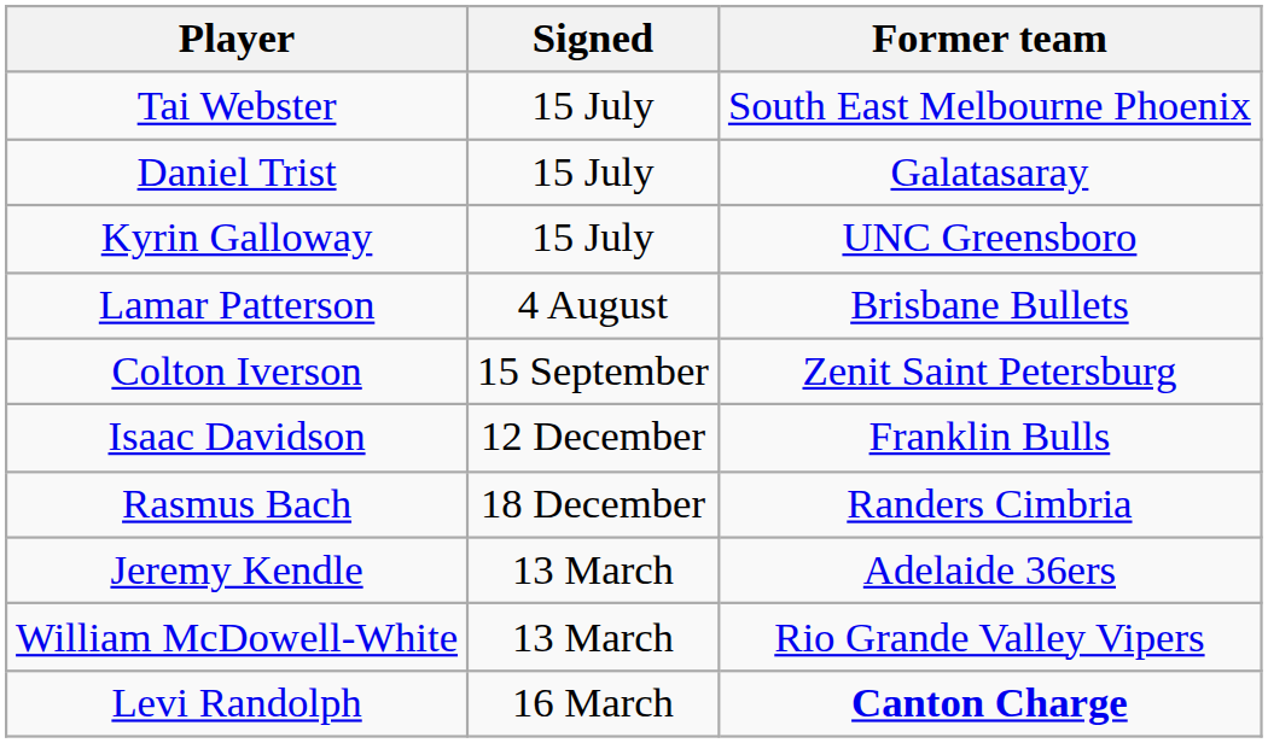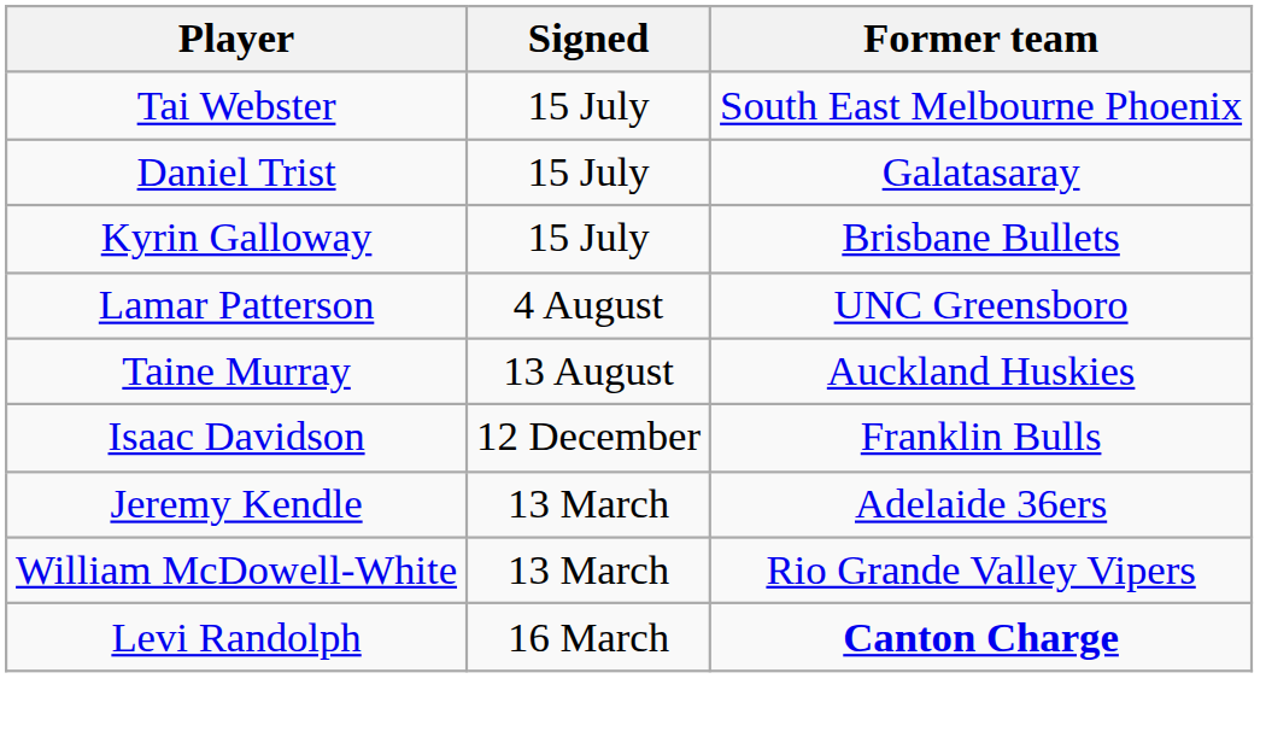 <table class="wikitable sortable sortable" style="text-align: center">
 <tr>
 <th>Player</th>
 <th>Signed</th>
 <th>Former team</th>
 </tr>
 <tr>
 <td><a href='#'>Tai Webster</a></td>
 <td>15 July</td>
 <td><a href='#'>South East Melbourne Phoenix</a></td>
 </tr>
 <tr>
 <td><a href='#'>Daniel Trist</a></td>
 <td>15 July</td>
 <td><a href='#'>Galatasaray</a></td>
 </tr>
 <tr>
 <td><a href='#'>Kyrin Galloway</a></td>
 <td>15 July</td>
-<td><a href='#'>UNC Greensboro</a></td>
+<td><a href='#'>Brisbane Bullets</a></td>
 </tr>
 <tr>
 <td><a href='#'>Lamar Patterson</a></td>
 <td>4 August</td>
-<td><a href='#'>Brisbane Bullets</a></td>
+<td><a href='#'>UNC Greensboro</a></td>
 </tr>
 <tr>
-<td><a href='#'>Colton Iverson</a></td>
-<td>15 September</td>
-<td><a href='#'>Zenit Saint Petersburg</a></td>
+<td><a href='#'>Taine Murray</a></td>
+<td>13 August</td>
+<td><a href='#'>Auckland Huskies</a></td>
 </tr>
 <tr>
 <td><a href='#'>Isaac Davidson</a></td>
 <td>12 December</td>
 <td><a href='#'>Franklin Bulls</a></td>
-</tr>
-<tr>
-<td><a href='#'>Rasmus Bach</a></td>
-<td>18 December</td>
-<td><a href='#'>Randers Cimbria</a></td>
 </tr>
 <tr>
 <td><a href='#'>Jeremy Kendle</a></td>
 <td>13 March</td>
 <td><a href='#'>Adelaide 36ers</a></td>
 </tr>
 <tr>
 <td><a href='#'>William McDowell-White</a></td>
 <td>13 March</td>
 <td><a href='#'>Rio Grande Valley Vipers</a></td>
 </tr>
 <tr>
 <td><a href='#'>Levi Randolph</a></td>
 <td>16 March</td>
 <td><strong><a href='#'>Canton Charge</a></strong></td>
 </tr>
 </table>
